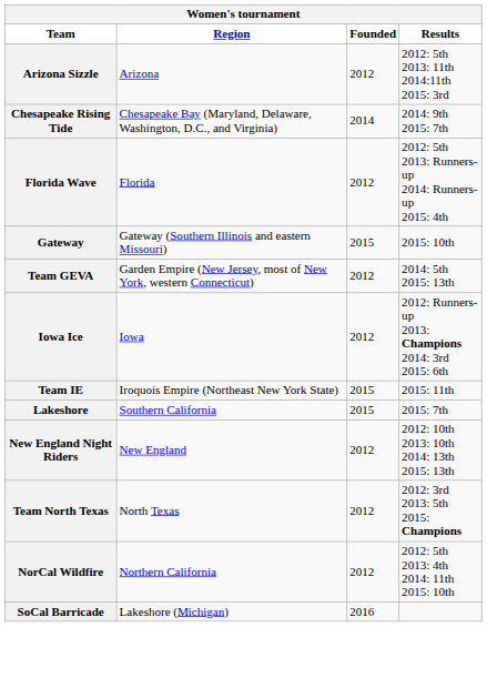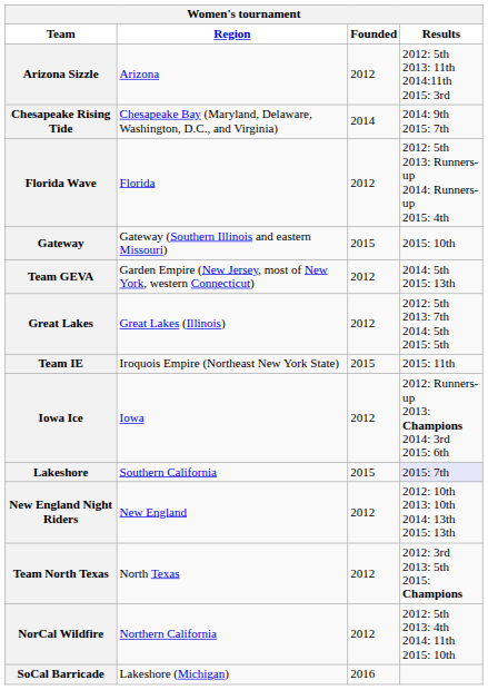 <table class="wikitable" style="width:100%">
 <tr>
 <th colspan=4><strong>Women's tournament</strong></th>
 </tr>
 <tr>
 <th style="background:white;">Team</th>
 <th style="background:white;"><a href='#'>Region</a></th>
 <th style="background:white;">Founded</th>
 <th style="background:white;">Results</th>
 </tr>
 <tr>
 <th>Arizona Sizzle</th>
 <td><a href='#'>Arizona</a></td>
 <td>2012</td>
 <td>2012: 5th<br>2013: 11th<br>2014:11th<br>2015: 3rd</td>
 </tr>
 <tr>
 <th>Chesapeake Rising Tide</th>
 <td><a href='#'>Chesapeake Bay</a> (Maryland, Delaware, Washington, D.C., and Virginia)</td>
 <td>2014</td>
 <td>2014: 9th<br>2015: 7th</td>
 </tr>
 <tr>
 <th>Florida Wave</th>
 <td><a href='#'>Florida</a></td>
 <td>2012</td>
 <td>2012: 5th<br>2013: Runners-up<br>2014: Runners-up<br>2015: 4th</td>
 </tr>
 <tr>
 <th>Gateway</th>
 <td>Gateway (<a href='#'>Southern Illinois</a> and eastern <a href='#'>Missouri</a>)</td>
 <td>2015</td>
 <td>2015: 10th</td>
 </tr>
 <tr>
 <th>Team GEVA</th>
 <td>Garden Empire (<a href='#'>New Jersey</a>, most of <a href='#'>New York</a>, western <a href='#'>Connecticut</a>)</td>
 <td>2012</td>
 <td>2014: 5th<br>2015: 13th</td>
 </tr>
 <tr>
-<th>Iowa Ice</th>
-<td><a href='#'>Iowa</a></td>
+<th>Great Lakes</th>
+<td><a href='#'>Great Lakes</a> (<a href='#'>Illinois</a>)</td>
 <td>2012</td>
-<td>2012: Runners-up<br>2013: <strong>Champions</strong><br>2014: 3rd<br>2015: 6th</td>
+<td>2012: 5th<br>2013: 7th<br>2014: 5th<br>2015: 5th</td>
 </tr>
 <tr>
 <th>Team IE</th>
 <td>Iroquois Empire (Northeast New York State)</td>
 <td>2015</td>
 <td>2015: 11th</td>
 </tr>
 <tr>
+<th>Iowa Ice</th>
+<td><a href='#'>Iowa</a></td>
+<td>2012</td>
+<td>2012: Runners-up<br>2013: <strong>Champions</strong><br>2014: 3rd<br>2015: 6th</td>
+</tr>
+<tr>
 <th>Lakeshore</th>
 <td><a href='#'>Southern California</a></td>
 <td>2015</td>
-<td>2015: 7th</td>
+<td style="background: lavender;">2015: 7th</td>
 </tr>
 <tr>
 <th>New England Night Riders</th>
 <td><a href='#'>New England</a></td>
 <td>2012</td>
 <td>2012: 10th<br>2013: 10th<br>2014: 13th<br>2015: 13th</td>
 </tr>
 <tr>
 <th>Team North Texas</th>
 <td>North <a href='#'>Texas</a></td>
 <td>2012</td>
 <td>2012: 3rd<br>2013: 5th<br>2015: <strong>Champions</strong></td>
 </tr>
 <tr>
 <th>NorCal Wildfire</th>
 <td><a href='#'>Northern California</a></td>
 <td>2012</td>
 <td>2012: 5th<br>2013: 4th<br>2014: 11th<br>2015: 10th</td>
 </tr>
 <tr>
 <th>SoCal Barricade</th>
 <td>Lakeshore (<a href='#'>Michigan</a>)</td>
 <td>2016</td>
 <td></td>
 </tr>
 </table>
